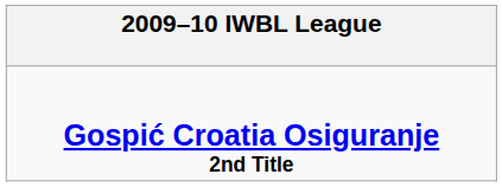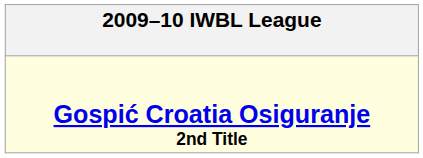 <table class="wikitable" style="margin: 0 auto; width: 30%;">
 <tr>
 <th><big>2009–10 IWBL League</big><br><br></th>
 </tr>
 <tr>
-<td align=center><br><br><big><big><strong><a href='#'>Gospić Croatia Osiguranje</a></strong><br></big></big><strong>2nd Title</strong></td>
+<td align=center style="background: lightyellow;"><br><br><big><big><strong><a href='#'>Gospić Croatia Osiguranje</a></strong><br></big></big><strong>2nd Title</strong></td>
 </tr>
 </table>
